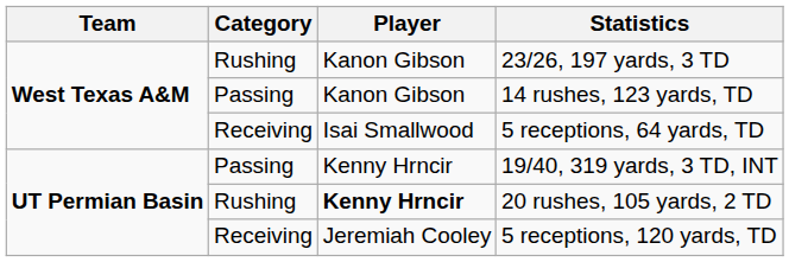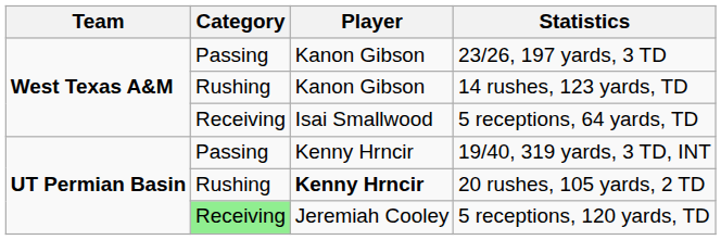 <table class="wikitable" style="float: right;">
 <tr>
 <th>Team</th>
 <th>Category</th>
 <th>Player</th>
 <th>Statistics</th>
 </tr>
 <tr>
 <td rowspan=3><strong>West Texas A&M</strong></td>
-<td>Rushing</td>
+<td>Passing</td>
 <td>Kanon Gibson</td>
 <td>23/26, 197 yards, 3 TD</td>
 </tr>
 <tr>
-<td>Passing</td>
+<td>Rushing</td>
 <td>Kanon Gibson</td>
 <td>14 rushes, 123 yards, TD</td>
 </tr>
 <tr>
 <td>Receiving</td>
 <td>Isai Smallwood</td>
 <td>5 receptions, 64 yards, TD</td>
 </tr>
 <tr>
 <td rowspan=3><strong>UT Permian Basin</strong></td>
 <td>Passing</td>
 <td>Kenny Hrncir</td>
 <td>19/40, 319 yards, 3 TD, INT</td>
 </tr>
 <tr>
 <td>Rushing</td>
 <td><strong>Kenny Hrncir</strong></td>
 <td>20 rushes, 105 yards, 2 TD</td>
 </tr>
 <tr>
-<td>Receiving</td>
+<td style="background: lightgreen;">Receiving</td>
 <td>Jeremiah Cooley</td>
 <td>5 receptions, 120 yards, TD</td>
 </tr>
 </table>
